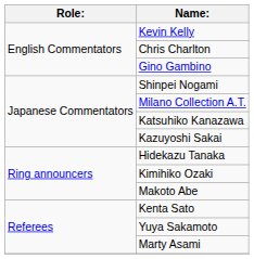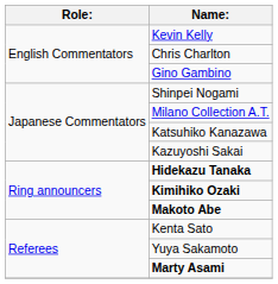 <table class=wikitable style="font-size:90%; margin: 0.5em 0 0.5em 1em; float: right; clear: right;">
 <tr>
 <th>Role:</th>
 <th>Name:</th>
 </tr>
 <tr>
 <td rowspan=3>English Commentators</td>
 <td><a href='#'>Kevin Kelly</a></td>
 </tr>
 <tr>
 <td>Chris Charlton</td>
 </tr>
 <tr>
 <td><a href='#'>Gino Gambino</a></td>
 </tr>
 <tr>
 <td rowspan=4>Japanese Commentators</td>
 <td>Shinpei Nogami</td>
 </tr>
 <tr>
 <td><a href='#'>Milano Collection A.T.</a></td>
 </tr>
 <tr>
 <td>Katsuhiko Kanazawa</td>
 </tr>
 <tr>
 <td>Kazuyoshi Sakai</td>
 </tr>
 <tr>
 <td rowspan=3><a href='#'>Ring announcers</a></td>
-<td>Hidekazu Tanaka</td>
+<td><strong>Hidekazu Tanaka</strong></td>
 </tr>
 <tr>
-<td>Kimihiko Ozaki</td>
+<td><strong>Kimihiko Ozaki</strong></td>
 </tr>
 <tr>
-<td>Makoto Abe</td>
+<td><strong>Makoto Abe</strong></td>
 </tr>
 <tr>
 <td rowspan=3><a href='#'>Referees</a></td>
 <td>Kenta Sato</td>
 </tr>
 <tr>
 <td>Yuya Sakamoto</td>
 </tr>
 <tr>
-<td>Marty Asami</td>
+<td><strong>Marty Asami</strong></td>
 </tr>
 <tr>
 </tr>
 </table>
